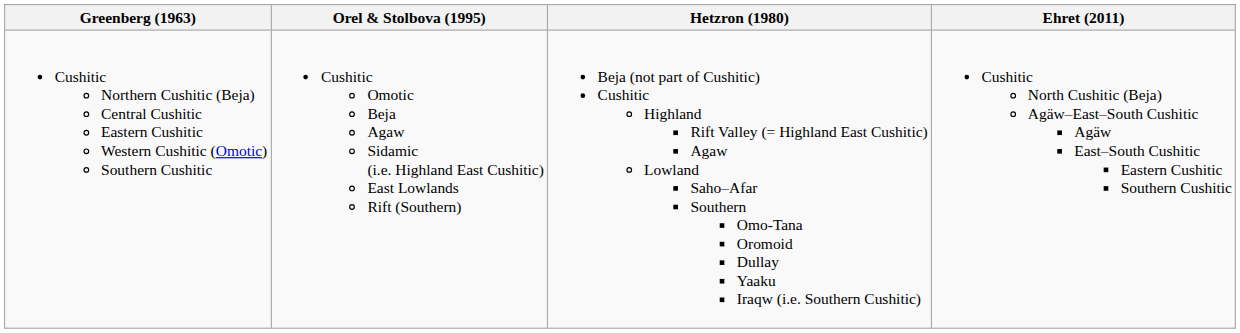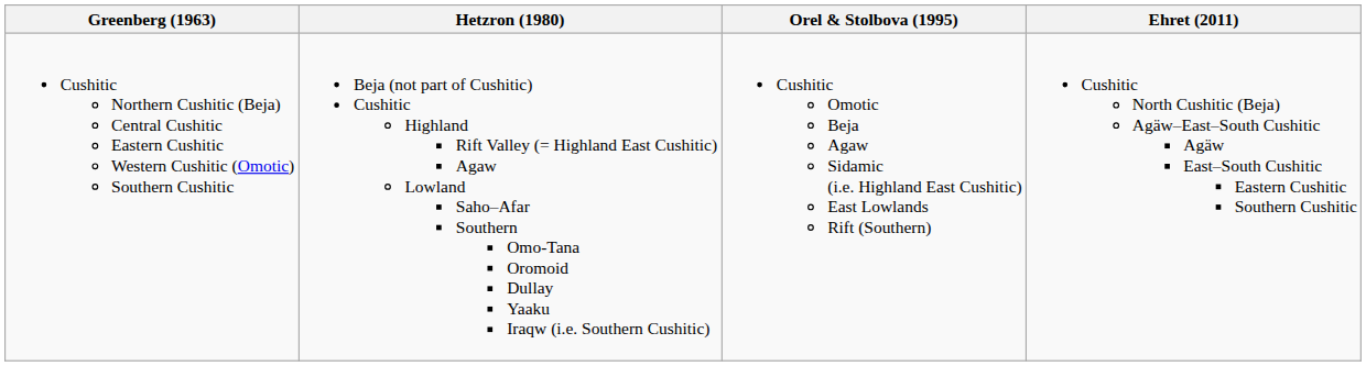 <table class="wikitable" style="font-size:smaller; float:center">
 <tr>
 <th>Greenberg (1963)</th>
+<th>Hetzron (1980)</th>
 <th>Orel & Stolbova (1995)</th>
-<th>Hetzron (1980)</th>
 <th>Ehret (2011)</th>
 </tr>
 <tr style="vertical-align:top;">
 <td><br><ul><li>Cushitic<ul><li>Northern Cushitic (Beja)</li><li>Central Cushitic</li><li>Eastern Cushitic</li><li>Western Cushitic (<a href='#'>Omotic</a>)</li><li>Southern Cushitic</li></ul></li></ul></td>
+<td><br><ul><li>Beja (not part of Cushitic)</li><li>Cushitic<ul><li>Highland<ul><li>Rift Valley (= Highland East Cushitic)</li><li>Agaw</li></ul></li><li>Lowland<ul><li>Saho–Afar</li><li>Southern<ul><li>Omo-Tana</li><li>Oromoid</li><li>Dullay</li><li>Yaaku</li><li>Iraqw (i.e. Southern Cushitic)</li></ul></li></ul></li></ul></li></ul></td>
 <td><br><ul><li>Cushitic<ul><li>Omotic</li><li>Beja</li><li>Agaw</li><li>Sidamic<br>(i.e. Highland East Cushitic)</li><li>East Lowlands</li><li>Rift (Southern)</li></ul></li></ul></td>
-<td><br><ul><li>Beja (not part of Cushitic)</li><li>Cushitic<ul><li>Highland<ul><li>Rift Valley (= Highland East Cushitic)</li><li>Agaw</li></ul></li><li>Lowland<ul><li>Saho–Afar</li><li>Southern<ul><li>Omo-Tana</li><li>Oromoid</li><li>Dullay</li><li>Yaaku</li><li>Iraqw (i.e. Southern Cushitic)</li></ul></li></ul></li></ul></li></ul></td>
 <td><br><ul><li>Cushitic<ul><li>North Cushitic (Beja)</li><li>Agäw–East–South Cushitic<ul><li>Agäw</li><li>East–South Cushitic<ul><li>Eastern Cushitic</li><li>Southern Cushitic</li></ul></li></ul></li></ul></li></ul></td>
 </tr>
 </table>
